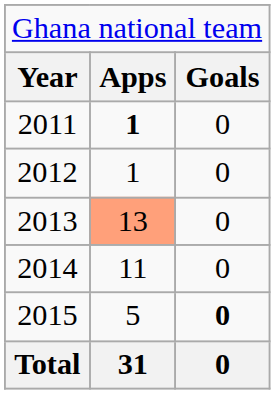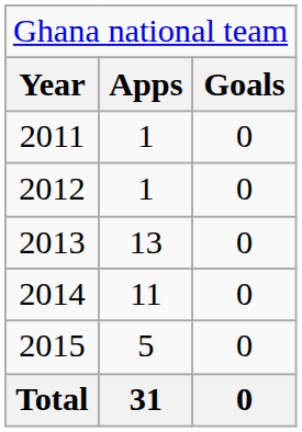 <table class="wikitable" style="text-align:center">
 <tr>
 <td colspan="3"><a href='#'>Ghana national team</a></td>
 </tr>
 <tr>
 <th>Year</th>
 <th>Apps</th>
 <th>Goals</th>
 </tr>
 <tr>
 <td>2011</td>
-<td><strong>1</strong></td>
+<td>1</td>
 <td>0</td>
 </tr>
 <tr>
 <td>2012</td>
 <td>1</td>
 <td>0</td>
 </tr>
 <tr>
 <td>2013</td>
-<td style="background: lightsalmon;">13</td>
+<td>13</td>
 <td>0</td>
 </tr>
 <tr>
 <td>2014</td>
 <td>11</td>
 <td>0</td>
 </tr>
 <tr>
 <td>2015</td>
 <td>5</td>
-<td><strong>0</strong></td>
+<td>0</td>
 </tr>
 <tr>
 <th>Total</th>
 <th>31</th>
 <th>0</th>
 </tr>
 </table>
